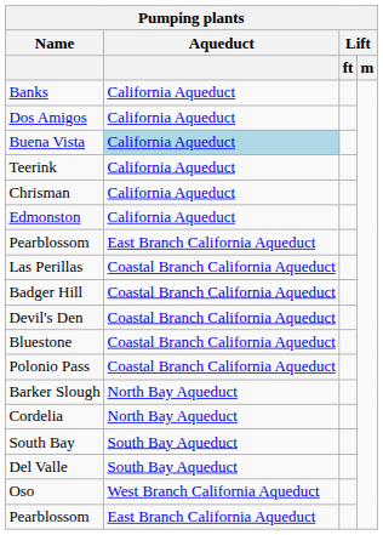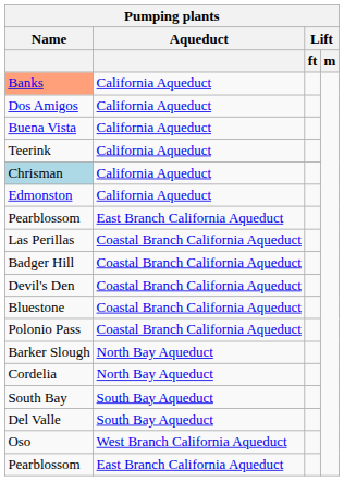 <table class="wikitable sortable">
 <tr>
 <th colspan=4><strong>Pumping plants</strong></th>
 </tr>
 <tr>
 <th>Name</th>
 <th>Aqueduct</th>
 <th colspan=2>Lift</th>
 </tr>
 <tr>
 <th></th>
 <th></th>
 <th>ft</th>
 <th>m</th>
 </tr>
 <tr>
-<td><a href='#'>Banks</a></td>
+<td style="background: lightsalmon;"><a href='#'>Banks</a></td>
 <td><a href='#'>California Aqueduct</a></td>
 <td></td>
 </tr>
 <tr>
 <td><a href='#'>Dos Amigos</a></td>
 <td><a href='#'>California Aqueduct</a></td>
 <td></td>
 </tr>
 <tr>
 <td><a href='#'>Buena Vista</a></td>
-<td style="background: lightblue;"><a href='#'>California Aqueduct</a></td>
+<td><a href='#'>California Aqueduct</a></td>
 <td></td>
 </tr>
 <tr>
 <td>Teerink</td>
 <td><a href='#'>California Aqueduct</a></td>
 <td></td>
 </tr>
 <tr>
-<td>Chrisman</td>
+<td style="background: lightblue;">Chrisman</td>
 <td><a href='#'>California Aqueduct</a></td>
 <td></td>
 </tr>
 <tr>
 <td><a href='#'>Edmonston</a></td>
 <td><a href='#'>California Aqueduct</a></td>
 <td></td>
 </tr>
 <tr>
 <td>Pearblossom</td>
 <td><a href='#'>East Branch California Aqueduct</a></td>
 <td></td>
 </tr>
 <tr>
 <td>Las Perillas</td>
 <td><a href='#'>Coastal Branch California Aqueduct</a></td>
 <td></td>
 </tr>
 <tr>
 <td>Badger Hill</td>
 <td><a href='#'>Coastal Branch California Aqueduct</a></td>
 <td></td>
 </tr>
 <tr>
 <td>Devil's Den</td>
 <td><a href='#'>Coastal Branch California Aqueduct</a></td>
 <td></td>
 </tr>
 <tr>
 <td>Bluestone</td>
 <td><a href='#'>Coastal Branch California Aqueduct</a></td>
 <td></td>
 </tr>
 <tr>
 <td>Polonio Pass</td>
 <td><a href='#'>Coastal Branch California Aqueduct</a></td>
 <td></td>
 </tr>
 <tr>
 <td>Barker Slough</td>
 <td><a href='#'>North Bay Aqueduct</a></td>
 <td></td>
 </tr>
 <tr>
 <td>Cordelia</td>
 <td><a href='#'>North Bay Aqueduct</a></td>
 <td></td>
 </tr>
 <tr>
 <td>South Bay</td>
 <td><a href='#'>South Bay Aqueduct</a></td>
 <td></td>
 </tr>
 <tr>
 <td>Del Valle</td>
 <td><a href='#'>South Bay Aqueduct</a></td>
 <td></td>
 </tr>
 <tr>
 <td>Oso</td>
 <td><a href='#'>West Branch California Aqueduct</a></td>
 <td></td>
 </tr>
 <tr>
 <td>Pearblossom</td>
 <td><a href='#'>East Branch California Aqueduct</a></td>
 <td></td>
 </tr>
 </table>
